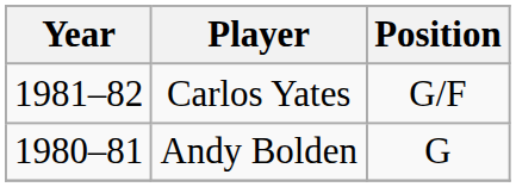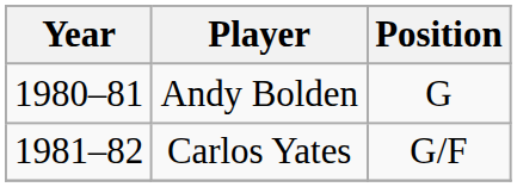 <table class="wikitable">
 <tr>
 <th>Year</th>
 <th>Player</th>
 <th>Position</th>
 </tr>
 <tr align="center">
+<td>1980–81</td>
+<td>Andy Bolden</td>
+<td>G</td>
+</tr>
+<tr align="center">
 <td>1981–82</td>
 <td>Carlos Yates</td>
 <td>G/F</td>
 </tr>
 <tr align="center">
-<td>1980–81</td>
-<td>Andy Bolden</td>
-<td>G</td>
-</tr>
-<tr align="center">
 </tr>
 </table>
